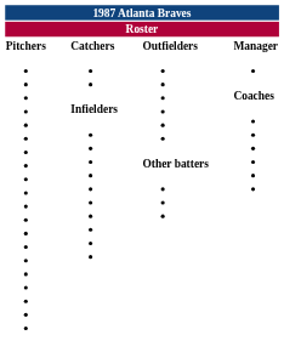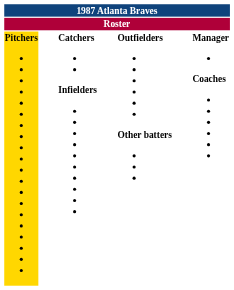 <table class="toccolours" style="font-size: 95%;">
 <tr>
 <th colspan="10" style="background:#0f437c; color:#fff; text-align:center;">1987 Atlanta Braves</th>
 </tr>
 <tr>
 <td colspan="10" style="background:#af0039; color:white; text-align:center;"><strong>Roster</strong></td>
 </tr>
 <tr>
-<td valign="top"><strong>Pitchers</strong><br><ul><li></li><li></li><li></li><li></li><li></li><li></li><li></li><li></li><li></li><li></li><li></li><li></li><li></li><li></li><li></li><li></li><li></li><li></li><li></li><li></li></ul></td>
+<td valign="top" style="background: gold;"><strong>Pitchers</strong><br><ul><li></li><li></li><li></li><li></li><li></li><li></li><li></li><li></li><li></li><li></li><li></li><li></li><li></li><li></li><li></li><li></li><li></li><li></li><li></li><li></li></ul></td>
 <td style="width:25px;"></td>
 <td valign="top"><strong>Catchers</strong><br><ul><li></li><li></li></ul><strong>Infielders</strong><ul><li></li><li></li><li></li><li></li><li></li><li></li><li></li><li></li><li></li><li></li></ul></td>
 <td style="width:25px;"></td>
 <td valign="top"><strong>Outfielders</strong><br><ul><li></li><li></li><li></li><li></li><li></li><li></li></ul><strong>Other batters</strong><ul><li></li><li></li><li></li></ul></td>
 <td style="width:25px;"></td>
 <td valign="top"><strong>Manager</strong><br><ul><li></li></ul><strong>Coaches</strong><ul><li></li><li></li><li></li><li></li><li></li><li></li></ul></td>
 </tr>
 </table>
